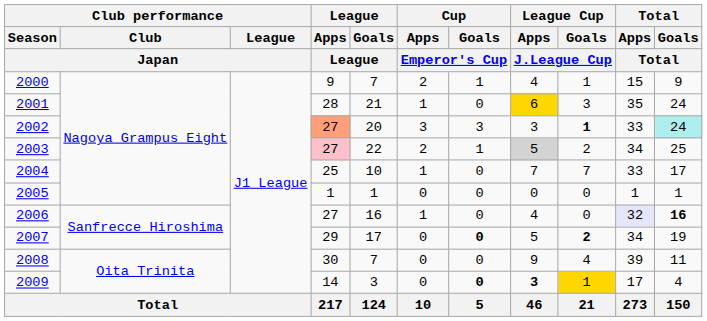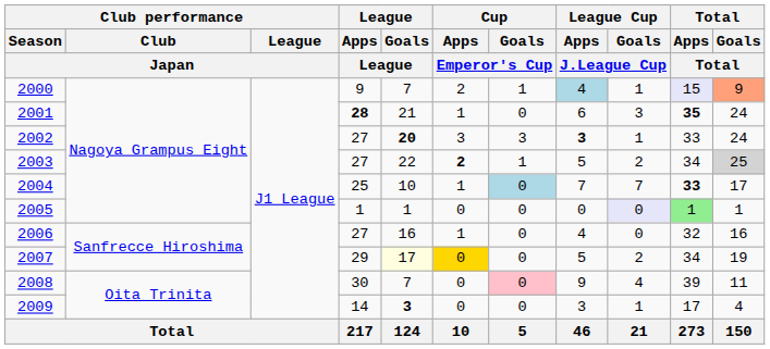 <table class="wikitable" style="text-align:center;">
 <tr>
 <th colspan=3>Club performance</th>
 <th colspan=2>League</th>
 <th colspan=2>Cup</th>
 <th colspan=2>League Cup</th>
 <th colspan=2>Total</th>
 </tr>
 <tr>
 <th>Season</th>
 <th>Club</th>
 <th>League</th>
 <th>Apps</th>
 <th>Goals</th>
 <th>Apps</th>
 <th>Goals</th>
 <th>Apps</th>
 <th>Goals</th>
 <th>Apps</th>
 <th>Goals</th>
 </tr>
 <tr>
 <th colspan=3>Japan</th>
 <th colspan=2>League</th>
 <th colspan=2><a href='#'>Emperor's Cup</a></th>
 <th colspan=2><a href='#'>J.League Cup</a></th>
 <th colspan=2>Total</th>
 </tr>
 <tr>
 <td><a href='#'>2000</a></td>
 <td rowspan="6"><a href='#'>Nagoya Grampus Eight</a></td>
 <td rowspan="10"><a href='#'>J1 League</a></td>
 <td>9</td>
 <td>7</td>
 <td>2</td>
 <td>1</td>
-<td>4</td>
+<td style="background: lightblue;">4</td>
 <td>1</td>
-<td>15</td>
-<td>9</td>
+<td style="background: lavender;">15</td>
+<td style="background: lightsalmon;">9</td>
 </tr>
 <tr>
 <td><a href='#'>2001</a></td>
-<td>28</td>
+<td><strong>28</strong></td>
 <td>21</td>
 <td>1</td>
 <td>0</td>
-<td style="background: gold;">6</td>
+<td>6</td>
 <td>3</td>
-<td>35</td>
+<td><strong>35</strong></td>
 <td>24</td>
 </tr>
 <tr>
 <td><a href='#'>2002</a></td>
-<td style="background: lightsalmon;">27</td>
-<td>20</td>
+<td>27</td>
+<td><strong>20</strong></td>
 <td>3</td>
 <td>3</td>
-<td>3</td>
-<td><strong>1</strong></td>
+<td><strong>3</strong></td>
+<td>1</td>
 <td>33</td>
-<td style="background: paleturquoise;">24</td>
+<td>24</td>
 </tr>
 <tr>
 <td><a href='#'>2003</a></td>
-<td style="background: pink;">27</td>
+<td>27</td>
 <td>22</td>
-<td>2</td>
+<td><strong>2</strong></td>
 <td>1</td>
-<td style="background: lightgrey;">5</td>
+<td>5</td>
 <td>2</td>
 <td>34</td>
-<td>25</td>
+<td style="background: lightgrey;">25</td>
 </tr>
 <tr>
 <td><a href='#'>2004</a></td>
 <td>25</td>
 <td>10</td>
 <td>1</td>
-<td>0</td>
+<td style="background: lightblue;">0</td>
 <td>7</td>
 <td>7</td>
-<td>33</td>
+<td><strong>33</strong></td>
 <td>17</td>
 </tr>
 <tr>
 <td><a href='#'>2005</a></td>
 <td>1</td>
 <td>1</td>
 <td>0</td>
 <td>0</td>
 <td>0</td>
-<td>0</td>
-<td>1</td>
+<td style="background: lavender;">0</td>
+<td style="background: lightgreen;">1</td>
 <td>1</td>
 </tr>
 <tr>
 <td><a href='#'>2006</a></td>
 <td rowspan="2"><a href='#'>Sanfrecce Hiroshima</a></td>
 <td>27</td>
 <td>16</td>
 <td>1</td>
 <td>0</td>
 <td>4</td>
 <td>0</td>
-<td style="background: lavender;">32</td>
-<td><strong>16</strong></td>
+<td>32</td>
+<td>16</td>
 </tr>
 <tr>
 <td><a href='#'>2007</a></td>
 <td>29</td>
-<td>17</td>
+<td style="background: lightyellow;">17</td>
+<td style="background: gold;">0</td>
 <td>0</td>
-<td><strong>0</strong></td>
 <td>5</td>
-<td><strong>2</strong></td>
+<td>2</td>
 <td>34</td>
 <td>19</td>
 </tr>
 <tr>
 <td><a href='#'>2008</a></td>
 <td rowspan="2"><a href='#'>Oita Trinita</a></td>
 <td>30</td>
 <td>7</td>
 <td>0</td>
-<td>0</td>
+<td style="background: pink;">0</td>
 <td>9</td>
 <td>4</td>
 <td>39</td>
 <td>11</td>
 </tr>
 <tr>
 <td><a href='#'>2009</a></td>
 <td>14</td>
+<td><strong>3</strong></td>
+<td>0</td>
+<td>0</td>
 <td>3</td>
-<td>0</td>
-<td><strong>0</strong></td>
-<td><strong>3</strong></td>
-<td style="background: gold;">1</td>
+<td>1</td>
 <td>17</td>
 <td>4</td>
 </tr>
 <tr>
 <th colspan=3>Total</th>
 <th>217</th>
 <th>124</th>
 <th>10</th>
 <th>5</th>
 <th>46</th>
 <th>21</th>
 <th>273</th>
 <th>150</th>
 </tr>
 </table>
